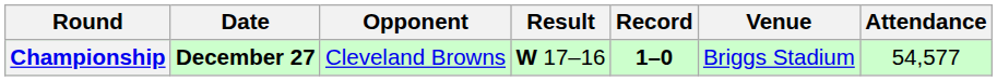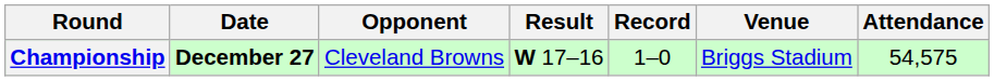 <table class="wikitable" style="text-align:center">
 <tr>
 <th>Round</th>
 <th>Date</th>
 <th>Opponent</th>
 <th>Result</th>
 <th>Record</th>
 <th>Venue</th>
 <th>Attendance</th>
 </tr>
 <tr style="background:#cfc">
 <th><a href='#'>Championship</a></th>
 <td><strong>December 27</strong></td>
 <td><a href='#'>Cleveland Browns</a></td>
 <td><strong>W</strong> 17–16</td>
-<td><strong>1–0</strong></td>
+<td>1–0</td>
 <td><a href='#'>Briggs Stadium</a></td>
-<td>54,577</td>
+<td>54,575</td>
 </tr>
 </table>
